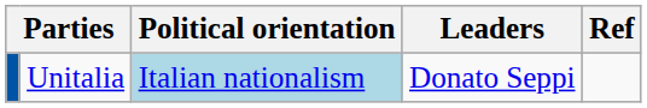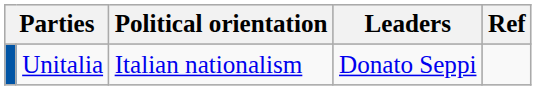 <table class="wikitable">
 <tr>
 <th colspan=2>Parties</th>
 <th>Political orientation</th>
 <th>Leaders</th>
 <th>Ref</th>
 </tr>
 <tr>
 <td style="background-color: #0054A5"></td>
 <td><a href='#'>Unitalia</a></td>
-<td style="background: lightblue;"><a href='#'>Italian nationalism</a></td>
+<td><a href='#'>Italian nationalism</a></td>
 <td><a href='#'>Donato Seppi</a></td>
 <td></td>
 </tr>
 </table>
